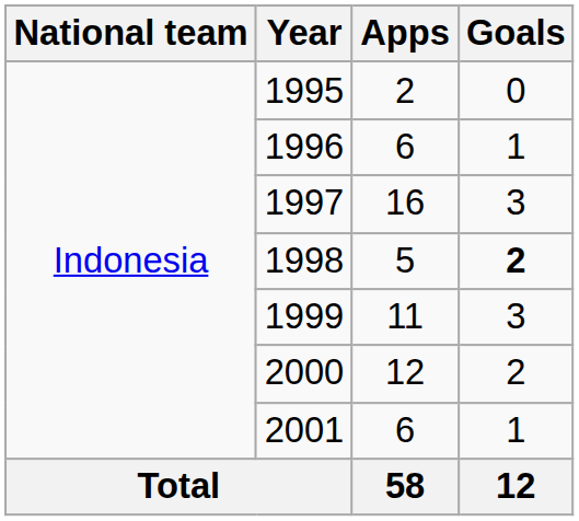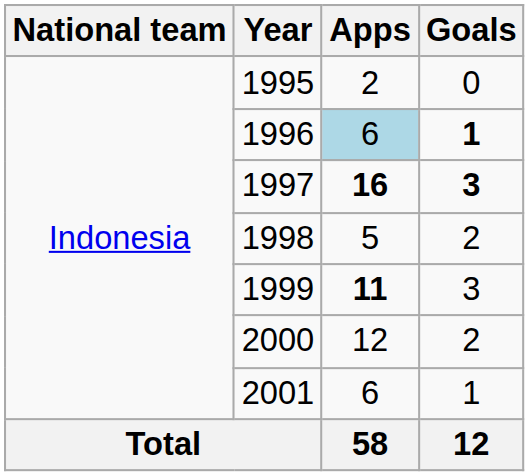 <table class="wikitable" style="text-align:center">
 <tr>
 <th>National team</th>
 <th>Year</th>
 <th>Apps</th>
 <th>Goals</th>
 </tr>
 <tr>
 <td rowspan="7"><a href='#'>Indonesia</a></td>
 <td>1995</td>
 <td>2</td>
 <td>0</td>
 </tr>
 <tr>
 <td>1996</td>
-<td>6</td>
-<td>1</td>
+<td style="background: lightblue;">6</td>
+<td><strong>1</strong></td>
 </tr>
 <tr>
 <td>1997</td>
-<td>16</td>
-<td>3</td>
+<td><strong>16</strong></td>
+<td><strong>3</strong></td>
 </tr>
 <tr>
 <td>1998</td>
 <td>5</td>
-<td><strong>2</strong></td>
+<td>2</td>
 </tr>
 <tr>
 <td>1999</td>
-<td>11</td>
+<td><strong>11</strong></td>
 <td>3</td>
 </tr>
 <tr>
 <td>2000</td>
 <td>12</td>
 <td>2</td>
 </tr>
 <tr>
 <td>2001</td>
 <td>6</td>
 <td>1</td>
 </tr>
 <tr>
 <th colspan="2">Total</th>
 <th>58</th>
 <th>12</th>
 </tr>
 </table>
